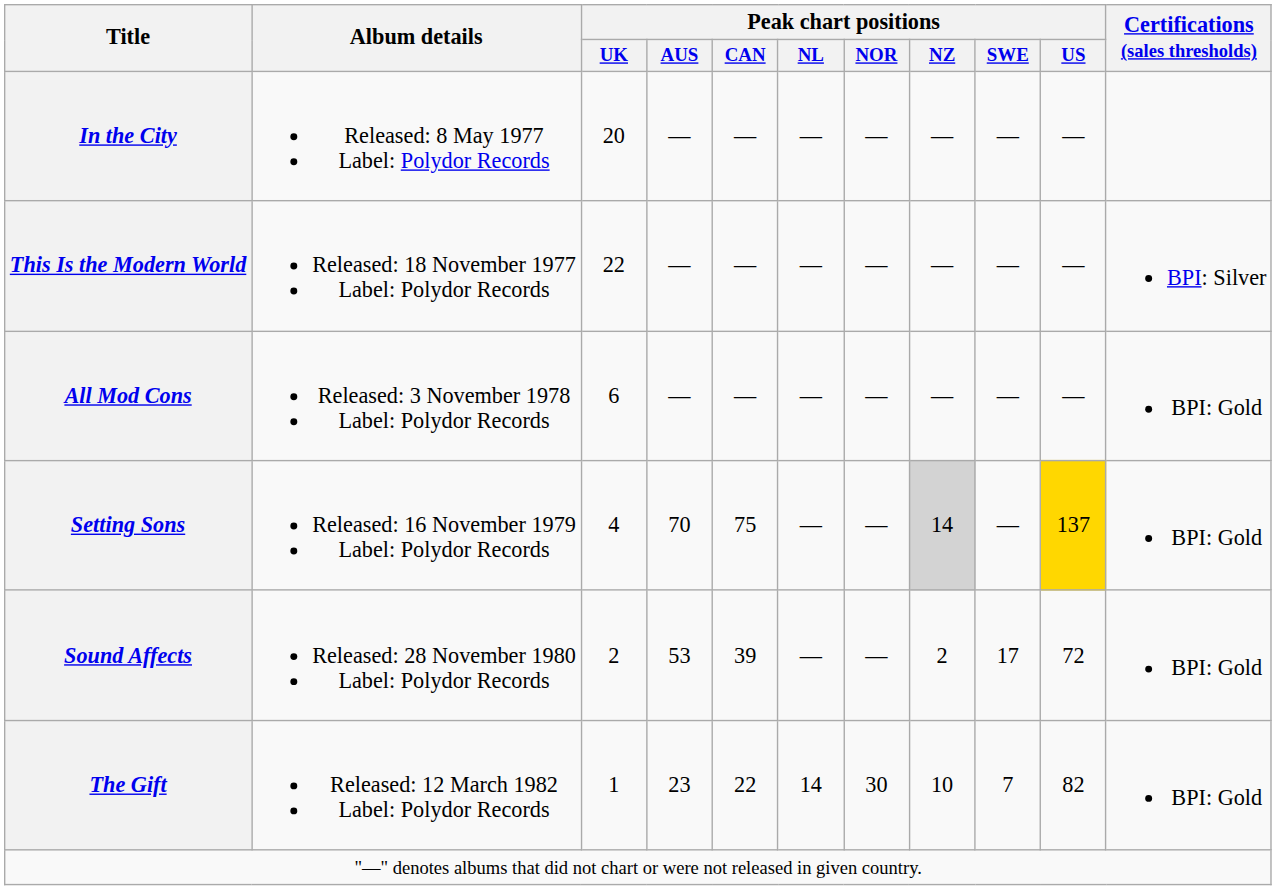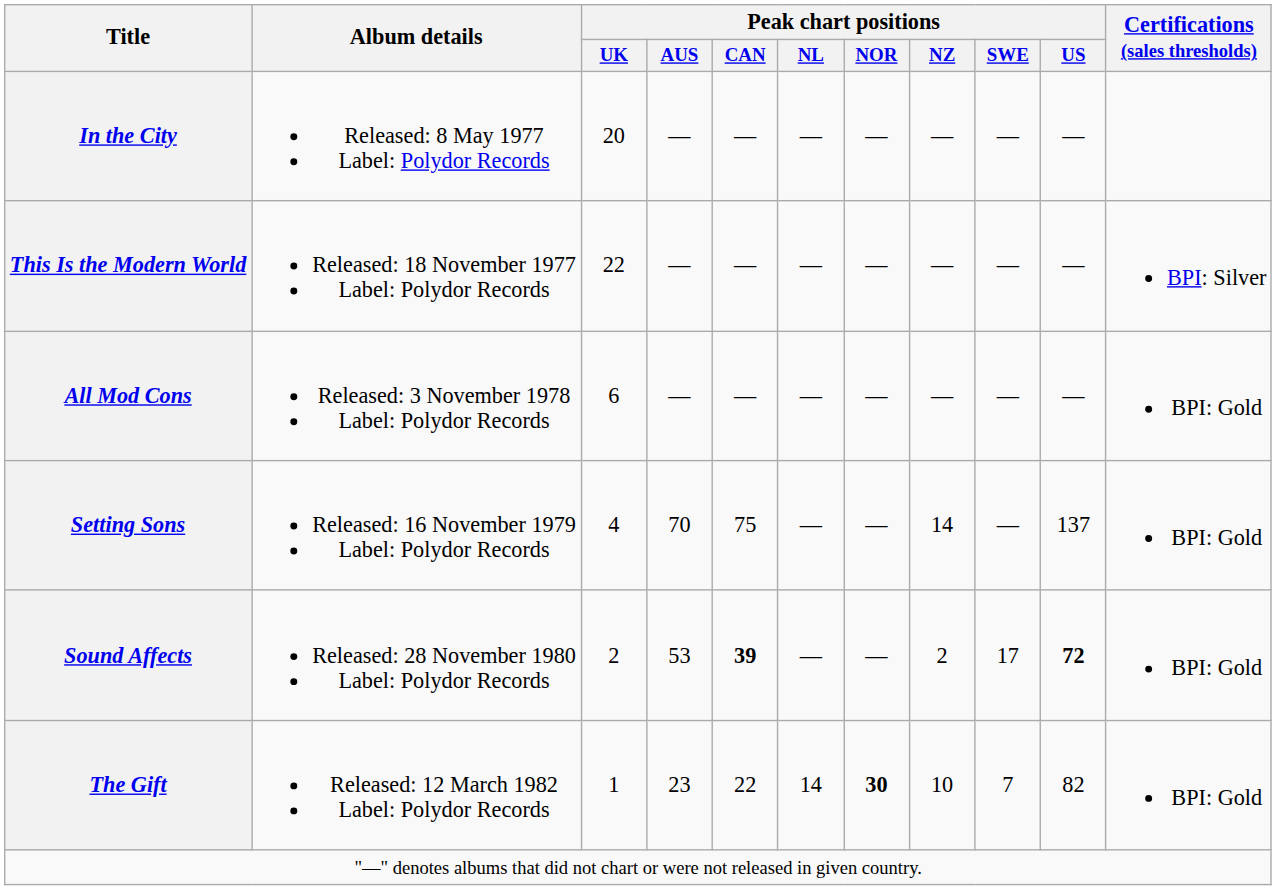 <table class="wikitable plainrowheaders" style="text-align:center;">
 <tr>
 <th rowspan="2">Title</th>
 <th rowspan="2">Album details</th>
 <th colspan="8">Peak chart positions</th>
 <th rowspan="2"><a href='#'>Certifications</a><br><small><a href='#'>(sales thresholds)</a></small></th>
 </tr>
 <tr>
 <th style="width:3em;font-size:85%"><a href='#'>UK</a><br></th>
 <th style="width:3em;font-size:85%"><a href='#'>AUS</a><br></th>
 <th style="width:3em;font-size:85%"><a href='#'>CAN</a><br></th>
 <th style="width:3em;font-size:85%"><a href='#'>NL</a><br></th>
 <th style="width:3em;font-size:85%"><a href='#'>NOR</a><br></th>
 <th style="width:3em;font-size:85%"><a href='#'>NZ</a><br></th>
 <th style="width:3em;font-size:85%"><a href='#'>SWE</a><br></th>
 <th style="width:3em;font-size:85%"><a href='#'>US</a><br></th>
 </tr>
 <tr>
 <th scope="row"><em><a href='#'>In the City</a></em></th>
 <td><br><ul><li>Released: 8 May 1977</li><li>Label: <a href='#'>Polydor Records</a></li></ul></td>
 <td>20</td>
 <td>—</td>
 <td>—</td>
 <td>—</td>
 <td>—</td>
 <td>—</td>
 <td>—</td>
 <td>—</td>
 <td></td>
 </tr>
 <tr>
 <th scope="row"><em><a href='#'>This Is the Modern World</a></em></th>
 <td><br><ul><li>Released: 18 November 1977</li><li>Label: Polydor Records</li></ul></td>
 <td>22</td>
 <td>—</td>
 <td>—</td>
 <td>—</td>
 <td>—</td>
 <td>—</td>
 <td>—</td>
 <td>—</td>
 <td><br><ul><li><a href='#'>BPI</a>: Silver</li></ul></td>
 </tr>
 <tr>
 <th scope="row"><em><a href='#'>All Mod Cons</a></em></th>
 <td><br><ul><li>Released: 3 November 1978</li><li>Label: Polydor Records</li></ul></td>
 <td>6</td>
 <td>—</td>
 <td>—</td>
 <td>—</td>
 <td>—</td>
 <td>—</td>
 <td>—</td>
 <td>—</td>
 <td><br><ul><li>BPI: Gold</li></ul></td>
 </tr>
 <tr>
 <th scope="row"><em><a href='#'>Setting Sons</a></em></th>
 <td><br><ul><li>Released: 16 November 1979</li><li>Label: Polydor Records</li></ul></td>
 <td>4</td>
 <td>70</td>
 <td>75</td>
 <td>—</td>
 <td>—</td>
-<td style="background: lightgrey;">14</td>
+<td>14</td>
 <td>—</td>
-<td style="background: gold;">137</td>
+<td>137</td>
 <td><br><ul><li>BPI: Gold</li></ul></td>
 </tr>
 <tr>
 <th scope="row"><em><a href='#'>Sound Affects</a></em></th>
 <td><br><ul><li>Released: 28 November 1980</li><li>Label: Polydor Records</li></ul></td>
 <td>2</td>
 <td>53</td>
-<td>39</td>
+<td><strong>39</strong></td>
 <td>—</td>
 <td>—</td>
 <td>2</td>
 <td>17</td>
-<td>72</td>
+<td><strong>72</strong></td>
 <td><br><ul><li>BPI: Gold</li></ul></td>
 </tr>
 <tr>
 <th scope="row"><em><a href='#'>The Gift</a></em></th>
 <td><br><ul><li>Released: 12 March 1982</li><li>Label: Polydor Records</li></ul></td>
 <td>1</td>
 <td>23</td>
 <td>22</td>
 <td>14</td>
-<td>30</td>
+<td><strong>30</strong></td>
 <td>10</td>
 <td>7</td>
 <td>82</td>
 <td><br><ul><li>BPI: Gold</li></ul></td>
 </tr>
 <tr>
 <td colspan="11"><small>"—" denotes albums that did not chart or were not released in given country.</small></td>
 </tr>
 </table>
